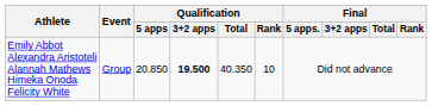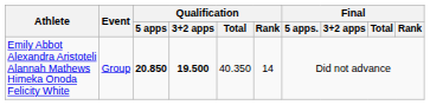 <table class=wikitable style=font-size:90%>
 <tr>
 <th rowspan=2>Athlete</th>
 <th rowspan=2>Event</th>
 <th colspan=4>Qualification</th>
 <th colspan=4>Final</th>
 </tr>
 <tr style=font-size:95%>
 <th>5 apps</th>
 <th>3+2 apps</th>
 <th>Total</th>
 <th>Rank</th>
 <th>5 apps.</th>
 <th>3+2 apps</th>
 <th>Total</th>
 <th>Rank</th>
 </tr>
 <tr align=center>
 <td align=left><a href='#'>Emily Abbot</a><br><a href='#'>Alexandra Aristoteli</a><br><a href='#'>Alannah Mathews</a><br><a href='#'>Himeka Onoda</a><br><a href='#'>Felicity White</a></td>
 <td align=left><a href='#'>Group</a></td>
-<td>20.850</td>
+<td><strong>20.850</strong></td>
 <td><strong>19.500</strong></td>
 <td>40.350</td>
-<td>10</td>
+<td>14</td>
 <td colspan="4">Did not advance</td>
 </tr>
 </table>
